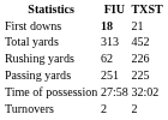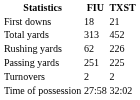 <table class="wiki table">
 <tr>
 <th>Statistics</th>
 <th>FIU</th>
 <th>TXST</th>
 </tr>
 <tr>
 <td>First downs</td>
-<td><strong>18</strong></td>
+<td>18</td>
 <td>21</td>
 </tr>
 <tr>
 <td>Total yards</td>
 <td>313</td>
 <td>452</td>
 </tr>
 <tr>
 <td>Rushing yards</td>
 <td>62</td>
 <td>226</td>
 </tr>
 <tr>
 <td>Passing yards</td>
 <td>251</td>
 <td>225</td>
 </tr>
 <tr>
+<td>Turnovers</td>
+<td>2</td>
+<td>2</td>
+</tr>
+<tr>
 <td>Time of possession</td>
 <td>27:58</td>
 <td>32:02</td>
 </tr>
 <tr>
-<td>Turnovers</td>
-<td>2</td>
-<td>2</td>
-</tr>
-<tr>
 </tr>
 </table>
